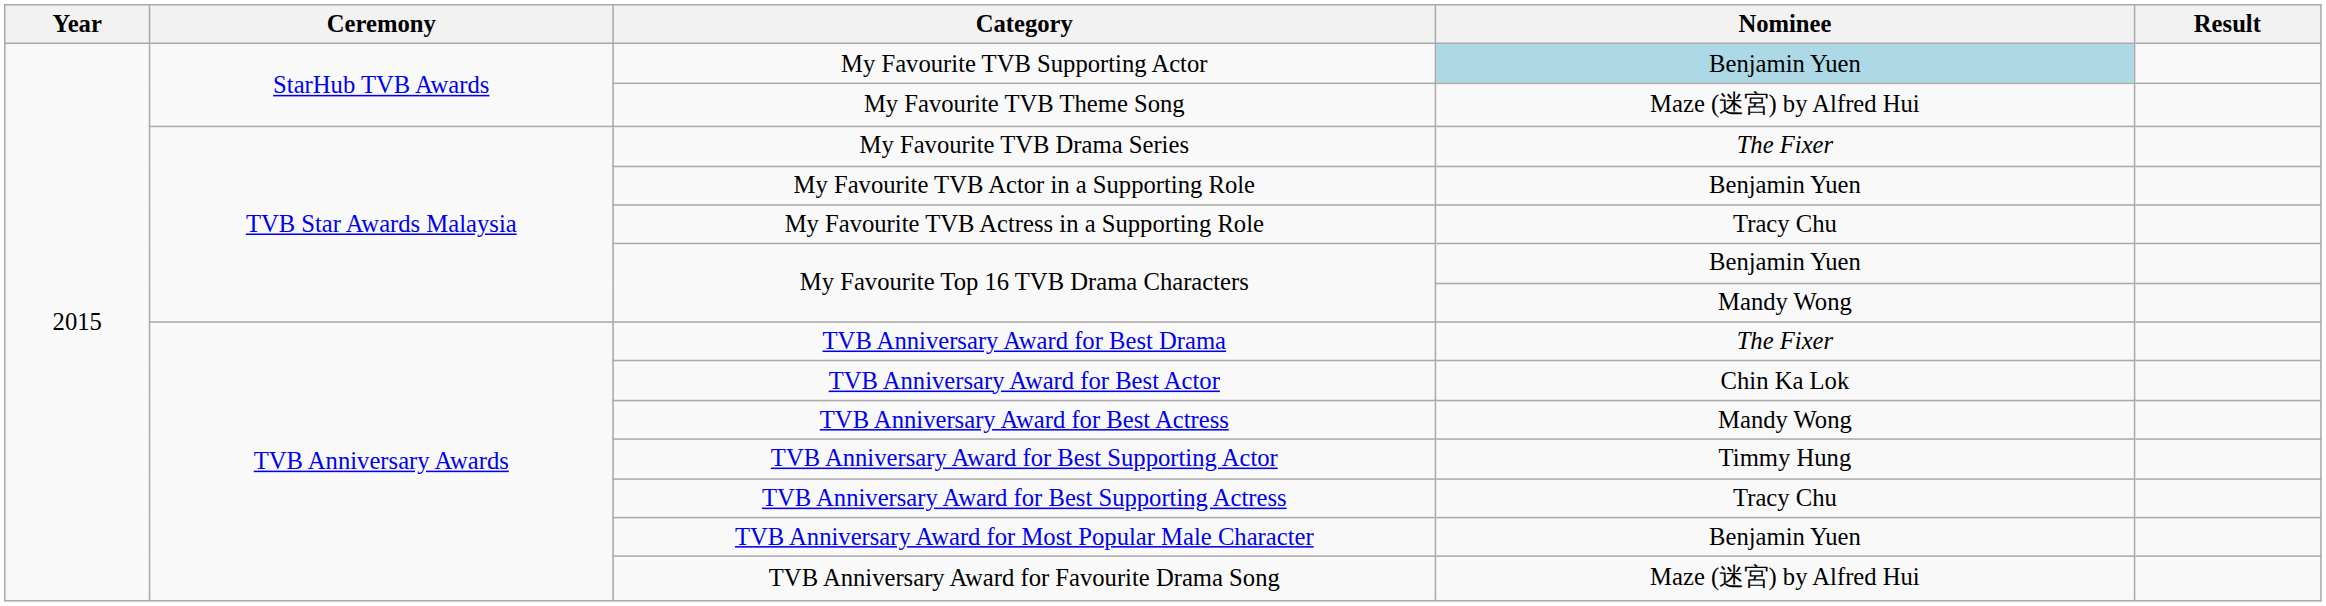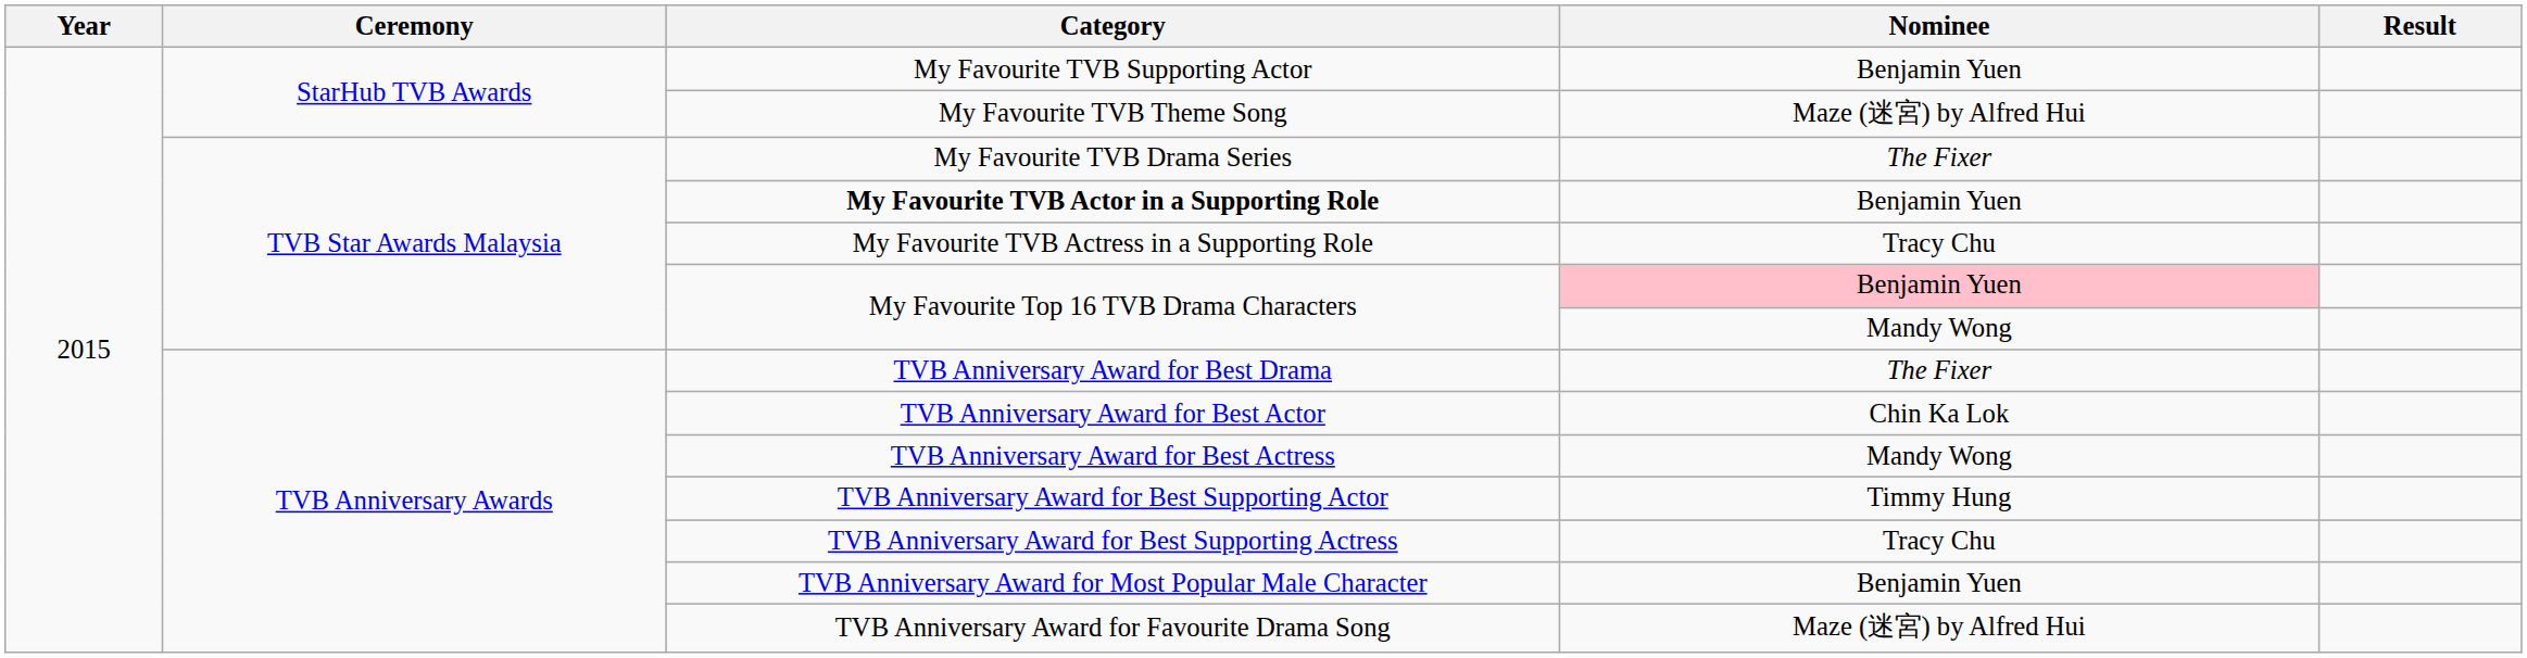 <table class="wikitable" style="width:95%; text-align:center;">
 <tr>
 <th style="width:45px;">Year</th>
 <th style="width:160px;">Ceremony</th>
 <th style="width:290px;">Category</th>
 <th style="width:245px;">Nominee</th>
 <th style="width:60px;">Result</th>
 </tr>
 <tr>
 <td rowspan=14>2015</td>
 <td rowspan=2><a href='#'>StarHub TVB Awards</a></td>
 <td>My Favourite TVB Supporting Actor</td>
-<td style="background: lightblue;">Benjamin Yuen</td>
+<td>Benjamin Yuen</td>
 <td></td>
 </tr>
 <tr>
 <td>My Favourite TVB Theme Song</td>
 <td>Maze (迷宮) by Alfred Hui</td>
 <td></td>
 </tr>
 <tr>
 <td rowspan=5><a href='#'>TVB Star Awards Malaysia</a></td>
 <td>My Favourite TVB Drama Series</td>
 <td><em>The Fixer</em></td>
 <td></td>
 </tr>
 <tr>
-<td>My Favourite TVB Actor in a Supporting Role</td>
+<td><strong>My Favourite TVB Actor in a Supporting Role</strong></td>
 <td>Benjamin Yuen</td>
 <td></td>
 </tr>
 <tr>
 <td>My Favourite TVB Actress in a Supporting Role</td>
 <td>Tracy Chu</td>
 <td></td>
 </tr>
 <tr>
 <td rowspan="2">My Favourite Top 16 TVB Drama Characters</td>
-<td>Benjamin Yuen</td>
+<td style="background: pink;">Benjamin Yuen</td>
 <td></td>
 </tr>
 <tr>
 <td>Mandy Wong</td>
 <td></td>
 </tr>
 <tr>
 <td rowspan=7><a href='#'>TVB Anniversary Awards</a></td>
 <td><a href='#'>TVB Anniversary Award for Best Drama</a></td>
 <td><em>The Fixer</em></td>
 <td></td>
 </tr>
 <tr>
 <td><a href='#'>TVB Anniversary Award for Best Actor</a></td>
 <td>Chin Ka Lok</td>
 <td></td>
 </tr>
 <tr>
 <td><a href='#'>TVB Anniversary Award for Best Actress</a></td>
 <td>Mandy Wong</td>
 <td></td>
 </tr>
 <tr>
 <td><a href='#'>TVB Anniversary Award for Best Supporting Actor</a></td>
 <td>Timmy Hung</td>
 <td></td>
 </tr>
 <tr>
 <td><a href='#'>TVB Anniversary Award for Best Supporting Actress</a></td>
 <td>Tracy Chu</td>
 <td></td>
 </tr>
 <tr>
 <td><a href='#'>TVB Anniversary Award for Most Popular Male Character</a></td>
 <td>Benjamin Yuen</td>
 <td></td>
 </tr>
 <tr>
 <td>TVB Anniversary Award for Favourite Drama Song</td>
 <td>Maze (迷宮) by Alfred Hui</td>
 <td></td>
 </tr>
 </table>
